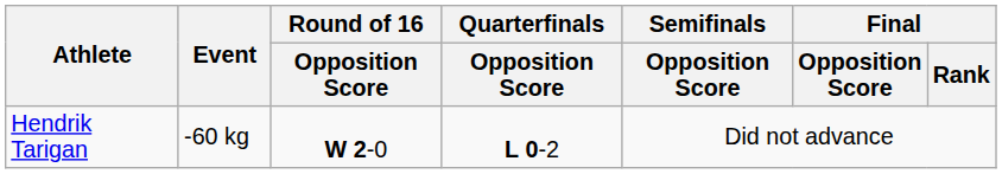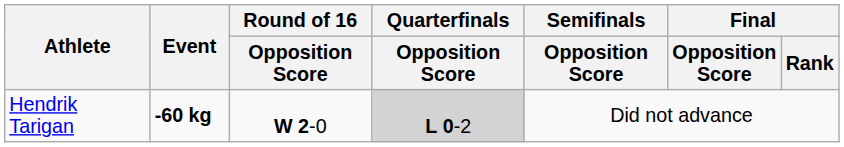 <table class=wikitable style="font-size:90%; text-align:center">
 <tr>
 <th width=150 rowspan="2">Athlete</th>
 <th width=60 rowspan="2">Event</th>
 <th width=120>Round of 16</th>
 <th width=120>Quarterfinals</th>
 <th width=120>Semifinals</th>
 <th width=120 colspan="2">Final</th>
 </tr>
 <tr>
 <th>Opposition<br>Score</th>
 <th>Opposition<br>Score</th>
 <th>Opposition<br>Score</th>
 <th>Opposition<br>Score</th>
 <th>Rank</th>
 </tr>
 <tr>
 <td align=left><a href='#'>Hendrik Tarigan</a></td>
-<td align=left>-60 kg</td>
+<td align=left><strong>-60 kg</strong></td>
 <td> <br><strong>W</strong> <strong>2</strong>-0</td>
-<td><br><strong>L</strong> <strong>0</strong>-2</td>
+<td style="background: lightgrey;"><br><strong>L</strong> <strong>0</strong>-2</td>
 <td colspan="3" align="center">Did not advance</td>
 </tr>
 </table>
